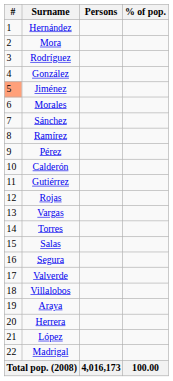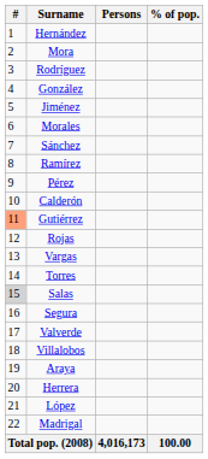 <table class="wikitable sortable" style="text-align: center">
 <tr>
 <th>#</th>
 <th>Surname</th>
 <th>Persons</th>
 <th>% of pop.</th>
 </tr>
 <tr>
 <td align="left">1</td>
 <td><a href='#'>Hernández</a></td>
 <td></td>
 <td></td>
 </tr>
 <tr>
 <td align="left">2</td>
 <td><a href='#'>Mora</a></td>
 <td></td>
 <td></td>
 </tr>
 <tr>
 <td align="left">3</td>
 <td><a href='#'>Rodríguez</a></td>
 <td></td>
 <td></td>
 </tr>
 <tr>
 <td align="left">4</td>
 <td><a href='#'>González</a></td>
 <td></td>
 <td></td>
 </tr>
 <tr>
-<td align="left" style="background: lightsalmon;">5</td>
+<td align="left">5</td>
 <td><a href='#'>Jiménez</a></td>
 <td></td>
 <td></td>
 </tr>
 <tr>
 <td align="left">6</td>
 <td><a href='#'>Morales</a></td>
 <td></td>
 <td></td>
 </tr>
 <tr>
 <td align="left">7</td>
 <td><a href='#'>Sánchez</a></td>
 <td></td>
 <td></td>
 </tr>
 <tr>
 <td align="left">8</td>
 <td><a href='#'>Ramírez</a></td>
 <td></td>
 <td></td>
 </tr>
 <tr>
 <td align="left">9</td>
 <td><a href='#'>Pérez</a></td>
 <td></td>
 <td></td>
 </tr>
 <tr>
 <td align="left">10</td>
 <td><a href='#'>Calderón</a></td>
 <td></td>
 <td></td>
 </tr>
 <tr>
-<td align="left">11</td>
+<td align="left" style="background: lightsalmon;">11</td>
 <td><a href='#'>Gutiérrez</a></td>
 <td></td>
 <td></td>
 </tr>
 <tr>
 <td align="left">12</td>
 <td><a href='#'>Rojas</a></td>
 <td></td>
 <td></td>
 </tr>
 <tr>
 <td align="left">13</td>
 <td><a href='#'>Vargas</a></td>
 <td></td>
 <td></td>
 </tr>
 <tr>
 <td align="left">14</td>
 <td><a href='#'>Torres</a></td>
 <td></td>
 <td></td>
 </tr>
 <tr>
-<td align="left">15</td>
+<td align="left" style="background: lightgrey;">15</td>
 <td><a href='#'>Salas</a></td>
 <td></td>
 <td></td>
 </tr>
 <tr>
 <td align="left">16</td>
 <td><a href='#'>Segura</a></td>
 <td></td>
 <td></td>
 </tr>
 <tr>
 <td align="left">17</td>
 <td><a href='#'>Valverde</a></td>
 <td></td>
 <td></td>
 </tr>
 <tr>
 <td align="left">18</td>
 <td><a href='#'>Villalobos</a></td>
 <td></td>
 <td></td>
 </tr>
 <tr>
 <td align="left">19</td>
 <td><a href='#'>Araya</a></td>
 <td></td>
 <td></td>
 </tr>
 <tr>
 <td align="left">20</td>
 <td><a href='#'>Herrera</a></td>
 <td></td>
 <td></td>
 </tr>
 <tr>
 <td align="left">21</td>
 <td><a href='#'>López</a></td>
 <td></td>
 <td></td>
 </tr>
 <tr>
 <td align="left">22</td>
 <td><a href='#'>Madrigal</a></td>
 <td></td>
 <td><br></td>
 </tr>
 <tr>
 <th colspan="2">Total pop. (2008)</th>
 <th>4,016,173</th>
 <th>100.00</th>
 </tr>
 </table>
